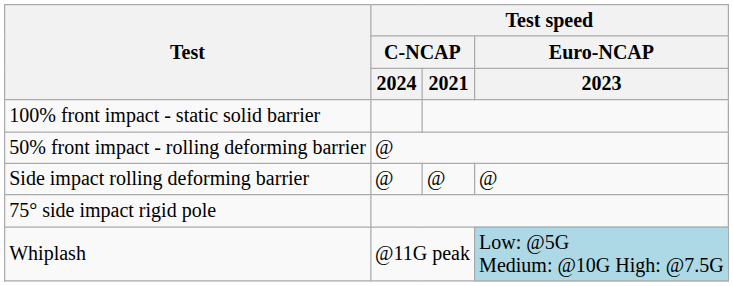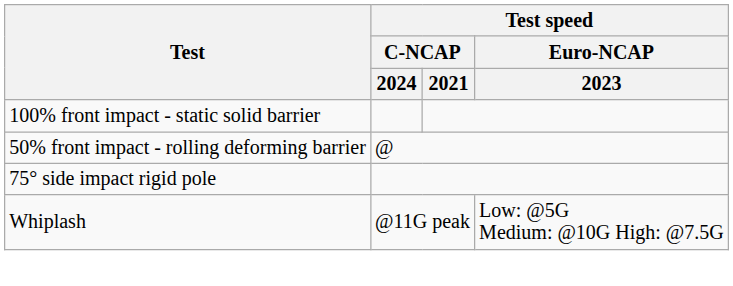 <table class="wikitable">
 <tr>
 <th rowspan="3">Test</th>
 <th colspan="3">Test speed</th>
 </tr>
 <tr>
 <th colspan="2">C-NCAP</th>
 <th>Euro-NCAP</th>
 </tr>
 <tr>
 <th>2024</th>
 <th>2021</th>
 <th>2023</th>
 </tr>
 <tr>
 <td>100% front impact - static solid barrier</td>
 <td></td>
 <td colspan="2"></td>
 </tr>
 <tr>
 <td>50% front impact - rolling deforming barrier</td>
 <td colspan="3"> @</td>
 </tr>
 <tr>
-<td>Side impact rolling deforming barrier</td>
-<td> @</td>
-<td> @</td>
-<td> @</td>
-</tr>
-<tr>
 <td>75° side impact rigid pole</td>
 <td colspan="3"></td>
 </tr>
 <tr>
 <td>Whiplash</td>
 <td colspan="2"> @11G peak</td>
-<td style="background: lightblue;">Low: @5G<br>Medium: @10G High: @7.5G</td>
+<td>Low: @5G<br>Medium: @10G High: @7.5G</td>
 </tr>
 </table>
